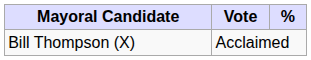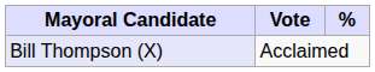 <table class="wikitable">
 <tr>
 <th style="background:#ddf; width:200px;">Mayoral Candidate</th>
 <th style="background:#ddf; width:50px;">Vote</th>
 <th style="background:#ddf; width:30px;">%</th>
 </tr>
 <tr>
-<td>Bill Thompson (X)</td>
+<td style="background: lavender;">Bill Thompson (X)</td>
 <td colspan="2">Acclaimed</td>
 </tr>
 </table>
